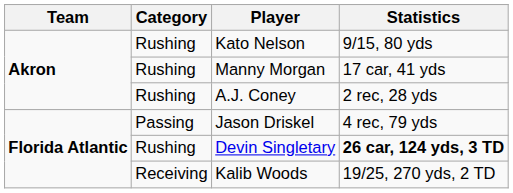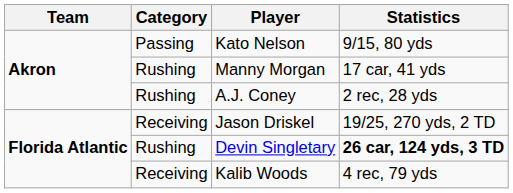 <table class="wikitable">
 <tr>
 <th>Team</th>
 <th>Category</th>
 <th>Player</th>
 <th>Statistics</th>
 </tr>
 <tr>
 <td rowspan=3><strong>Akron</strong></td>
-<td>Rushing</td>
+<td>Passing</td>
 <td>Kato Nelson</td>
 <td>9/15, 80 yds</td>
 </tr>
 <tr>
 <td>Rushing</td>
 <td>Manny Morgan</td>
 <td>17 car, 41 yds</td>
 </tr>
 <tr>
 <td>Rushing</td>
 <td>A.J. Coney</td>
 <td>2 rec, 28 yds</td>
 </tr>
 <tr>
 <td rowspan=3><strong>Florida Atlantic</strong></td>
-<td>Passing</td>
+<td>Receiving</td>
 <td>Jason Driskel</td>
-<td>4 rec, 79 yds</td>
+<td>19/25, 270 yds, 2 TD</td>
 </tr>
 <tr>
 <td>Rushing</td>
 <td><a href='#'>Devin Singletary</a></td>
 <td><strong>26 car, 124 yds, 3 TD</strong></td>
 </tr>
 <tr>
 <td>Receiving</td>
 <td>Kalib Woods</td>
-<td>19/25, 270 yds, 2 TD</td>
+<td>4 rec, 79 yds</td>
 </tr>
 </table>
